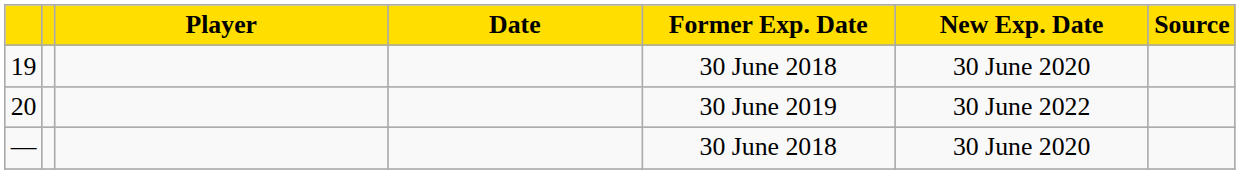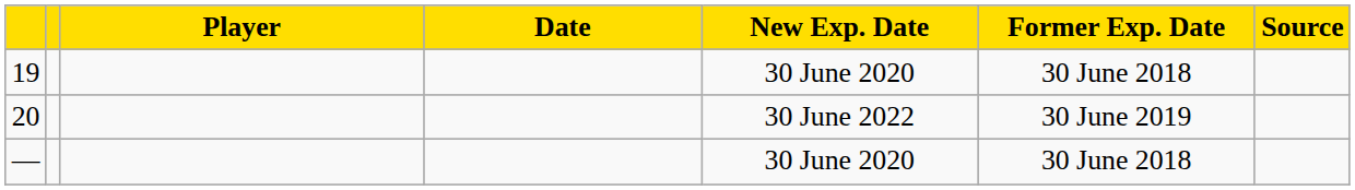 <table class="wikitable sortable">
 <tr>
 <th style="background:#FFDE00"></th>
 <th style="background:#FFDE00"></th>
 <th width=200 style="background:#FFDE00">Player</th>
 <th width=150 style="background:#FFDE00">Date</th>
+<th width=150 style="background:#FFDE00">New Exp. Date</th>
 <th width=150 style="background:#FFDE00">Former Exp. Date</th>
-<th width=150 style="background:#FFDE00">New Exp. Date</th>
 <th style="background:#FFDE00">Source</th>
 </tr>
 <tr>
 <td align=center>19</td>
 <td align=center></td>
 <td></td>
 <td align=center></td>
+<td align=center>30 June 2020</td>
 <td align=center>30 June 2018</td>
-<td align=center>30 June 2020</td>
 <td align=center></td>
 </tr>
 <tr>
 <td align=center>20</td>
 <td align=center></td>
 <td></td>
 <td align=center></td>
+<td align=center>30 June 2022</td>
 <td align=center>30 June 2019</td>
-<td align=center>30 June 2022</td>
 <td align=center></td>
 </tr>
 <tr>
 <td align=center>—</td>
 <td align=center></td>
 <td></td>
 <td align=center></td>
+<td align=center>30 June 2020</td>
 <td align=center>30 June 2018</td>
-<td align=center>30 June 2020</td>
 <td align=center></td>
 </tr>
 </table>
